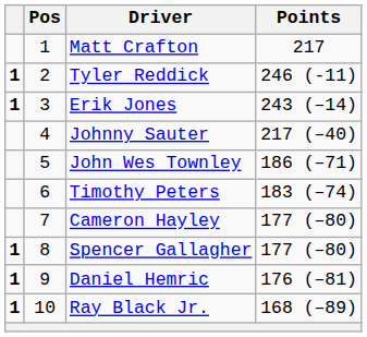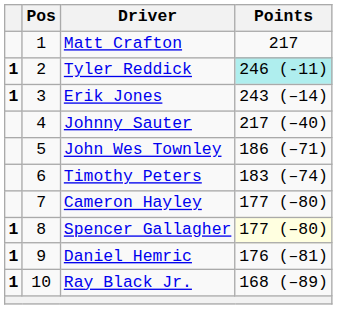 <table class="wikitable" style="font-size: 95%;">
 <tr>
 <th></th>
 <th>Pos</th>
 <th>Driver</th>
 <th>Points</th>
 </tr>
 <tr>
 <td align="left"></td>
 <td style="text-align:center;">1</td>
 <td><a href='#'>Matt Crafton</a></td>
 <td style="text-align:center;">217</td>
 </tr>
 <tr>
 <td align="left"> <strong>1</strong></td>
 <td style="text-align:center;">2</td>
 <td><a href='#'>Tyler Reddick</a></td>
-<td style="text-align:center;">246 (-11)</td>
+<td style="background: paleturquoise; text-align:center;">246 (-11)</td>
 </tr>
 <tr>
 <td align="left"> <strong>1</strong></td>
 <td style="text-align:center;">3</td>
 <td><a href='#'>Erik Jones</a></td>
 <td style="text-align:center;">243 (–14)</td>
 </tr>
 <tr>
 <td align="left"></td>
 <td style="text-align:center;">4</td>
 <td><a href='#'>Johnny Sauter</a></td>
 <td style="text-align:center;">217 (–40)</td>
 </tr>
 <tr>
 <td align="left"></td>
 <td style="text-align:center;">5</td>
 <td><a href='#'>John Wes Townley</a></td>
 <td style="text-align:center;">186 (–71)</td>
 </tr>
 <tr>
 <td align="left"></td>
 <td style="text-align:center;">6</td>
 <td><a href='#'>Timothy Peters</a></td>
 <td style="text-align:center;">183 (–74)</td>
 </tr>
 <tr>
 <td align="left"></td>
 <td style="text-align:center;">7</td>
 <td><a href='#'>Cameron Hayley</a></td>
 <td style="text-align:center;">177 (–80)</td>
 </tr>
 <tr>
 <td align="left"> <strong>1</strong></td>
 <td style="text-align:center;">8</td>
 <td><a href='#'>Spencer Gallagher</a></td>
-<td style="text-align:center;">177 (–80)</td>
+<td style="background: lightyellow; text-align:center;">177 (–80)</td>
 </tr>
 <tr>
 <td align="left"> <strong>1</strong></td>
 <td style="text-align:center;">9</td>
 <td><a href='#'>Daniel Hemric</a></td>
 <td style="text-align:center;">176 (–81)</td>
 </tr>
 <tr>
 <td align="left"> <strong>1</strong></td>
 <td style="text-align:center;">10</td>
 <td><a href='#'>Ray Black Jr.</a></td>
 <td style="text-align:center;">168 (–89)</td>
 </tr>
 <tr>
 <th colspan="9"></th>
 </tr>
 </table>
